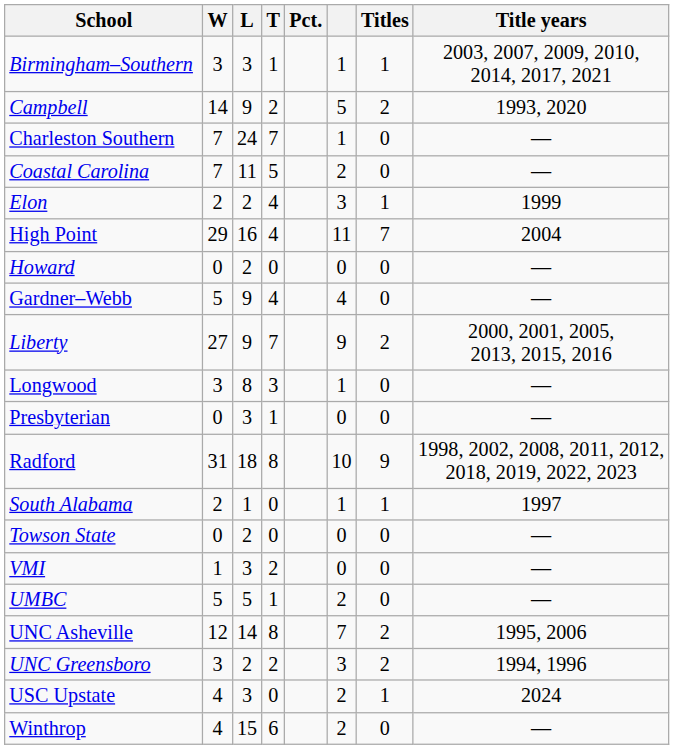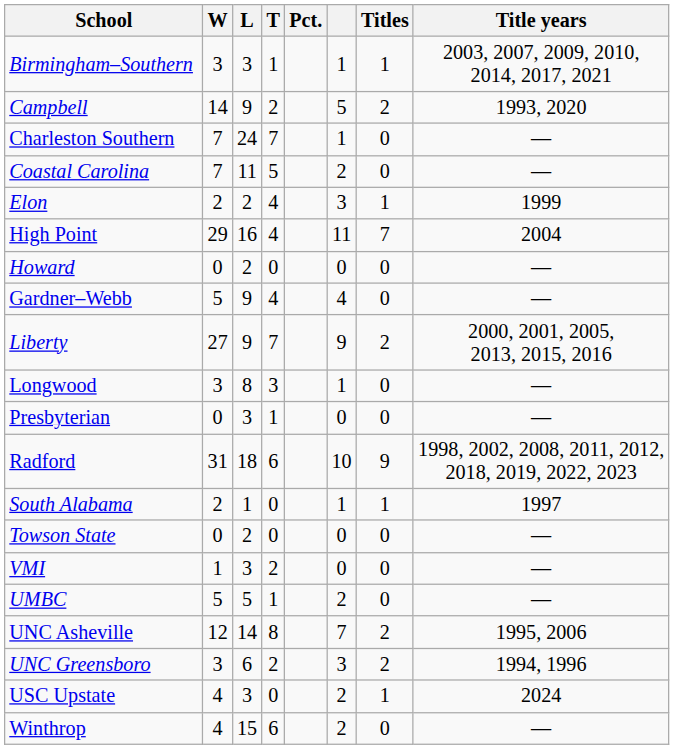 <table class="wikitable sortable" style="text-align:center">
 <tr>
 <th width=150px>School</th>
 <th width=px>W</th>
 <th width=px>L</th>
 <th width=px>T</th>
 <th width=px>Pct.</th>
 <th width=px></th>
 <th width=px>Titles</th>
 <th width=px>Title years</th>
 </tr>
 <tr>
 <td align=left><em><a href='#'>Birmingham–Southern</a></em></td>
 <td>3</td>
 <td>3</td>
 <td>1</td>
 <td></td>
 <td>1</td>
 <td>1</td>
 <td>2003, 2007, 2009, 2010,<br>2014, 2017, 2021</td>
 </tr>
 <tr>
 <td align=left><em><a href='#'>Campbell</a></em></td>
 <td>14</td>
 <td>9</td>
 <td>2</td>
 <td></td>
 <td>5</td>
 <td>2</td>
 <td>1993, 2020</td>
 </tr>
 <tr>
 <td align=left><a href='#'>Charleston Southern</a></td>
 <td>7</td>
 <td>24</td>
 <td>7</td>
 <td></td>
 <td>1</td>
 <td>0</td>
 <td>—</td>
 </tr>
 <tr>
 <td align=left><em><a href='#'>Coastal Carolina</a></em></td>
 <td>7</td>
 <td>11</td>
 <td>5</td>
 <td></td>
 <td>2</td>
 <td>0</td>
 <td>—</td>
 </tr>
 <tr>
 <td align=left><em><a href='#'>Elon</a></em></td>
 <td>2</td>
 <td>2</td>
 <td>4</td>
 <td></td>
 <td>3</td>
 <td>1</td>
 <td>1999</td>
 </tr>
 <tr>
 <td align=left><a href='#'>High Point</a></td>
 <td>29</td>
 <td>16</td>
 <td>4</td>
 <td></td>
 <td>11</td>
 <td>7</td>
 <td>2004</td>
 </tr>
 <tr>
 <td align=left><em><a href='#'>Howard</a></em></td>
 <td>0</td>
 <td>2</td>
 <td>0</td>
 <td></td>
 <td>0</td>
 <td>0</td>
 <td>—</td>
 </tr>
 <tr>
 <td align=left><a href='#'>Gardner–Webb</a></td>
 <td>5</td>
 <td>9</td>
 <td>4</td>
 <td></td>
 <td>4</td>
 <td>0</td>
 <td>—</td>
 </tr>
 <tr>
 <td align=left><em><a href='#'>Liberty</a></em></td>
 <td>27</td>
 <td>9</td>
 <td>7</td>
 <td></td>
 <td>9</td>
 <td>2</td>
 <td>2000, 2001, 2005,<br>2013, 2015, 2016</td>
 </tr>
 <tr>
 <td align=left><a href='#'>Longwood</a></td>
 <td>3</td>
 <td>8</td>
 <td>3</td>
 <td></td>
 <td>1</td>
 <td>0</td>
 <td>—</td>
 </tr>
 <tr>
 <td align=left><a href='#'>Presbyterian</a></td>
 <td>0</td>
 <td>3</td>
 <td>1</td>
 <td></td>
 <td>0</td>
 <td>0</td>
 <td>—</td>
 </tr>
 <tr>
 <td align=left><a href='#'>Radford</a></td>
 <td>31</td>
 <td>18</td>
-<td>8</td>
+<td>6</td>
 <td></td>
 <td>10</td>
 <td>9</td>
 <td>1998, 2002, 2008, 2011, 2012,<br>2018, 2019, 2022, 2023</td>
 </tr>
 <tr>
 <td align=left><em><a href='#'>South Alabama</a></em></td>
 <td>2</td>
 <td>1</td>
 <td>0</td>
 <td></td>
 <td>1</td>
 <td>1</td>
 <td>1997</td>
 </tr>
 <tr>
 <td align=left><em><a href='#'>Towson State</a></em></td>
 <td>0</td>
 <td>2</td>
 <td>0</td>
 <td></td>
 <td>0</td>
 <td>0</td>
 <td>—</td>
 </tr>
 <tr>
 <td align=left><em><a href='#'>VMI</a></em></td>
 <td>1</td>
 <td>3</td>
 <td>2</td>
 <td></td>
 <td>0</td>
 <td>0</td>
 <td>—</td>
 </tr>
 <tr>
 <td align=left><em><a href='#'>UMBC</a></em></td>
 <td>5</td>
 <td>5</td>
 <td>1</td>
 <td></td>
 <td>2</td>
 <td>0</td>
 <td>—</td>
 </tr>
 <tr>
 <td align=left><a href='#'>UNC Asheville</a></td>
 <td>12</td>
 <td>14</td>
 <td>8</td>
 <td></td>
 <td>7</td>
 <td>2</td>
 <td>1995, 2006</td>
 </tr>
 <tr>
 <td align=left><em><a href='#'>UNC Greensboro</a></em></td>
 <td>3</td>
-<td>2</td>
+<td>6</td>
 <td>2</td>
 <td></td>
 <td>3</td>
 <td>2</td>
 <td>1994, 1996</td>
 </tr>
 <tr>
 <td align=left><a href='#'>USC Upstate</a></td>
 <td>4</td>
 <td>3</td>
 <td>0</td>
 <td></td>
 <td>2</td>
 <td>1</td>
 <td>2024</td>
 </tr>
 <tr>
 <td align=left><a href='#'>Winthrop</a></td>
 <td>4</td>
 <td>15</td>
 <td>6</td>
 <td></td>
 <td>2</td>
 <td>0</td>
 <td>—</td>
 </tr>
 </table>
